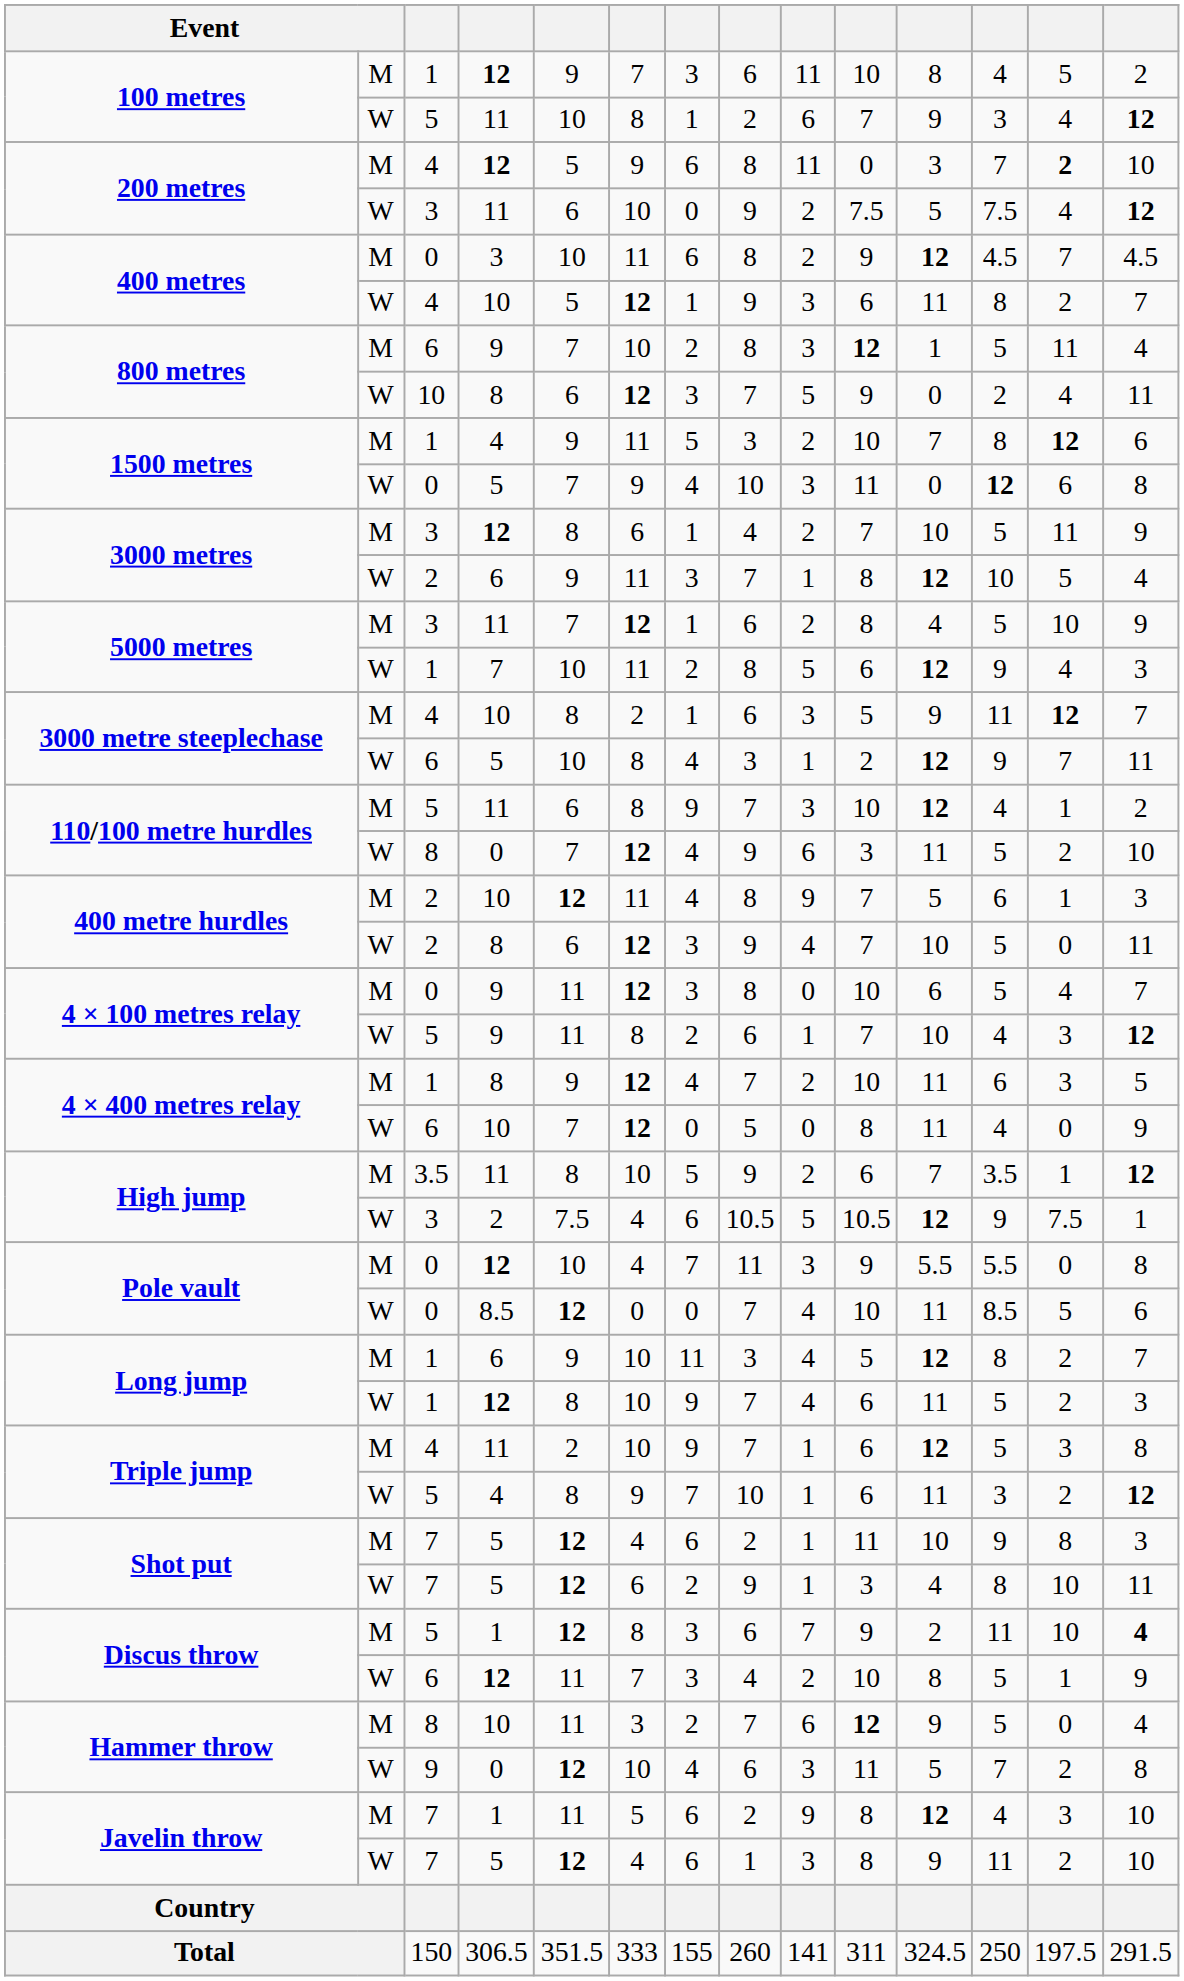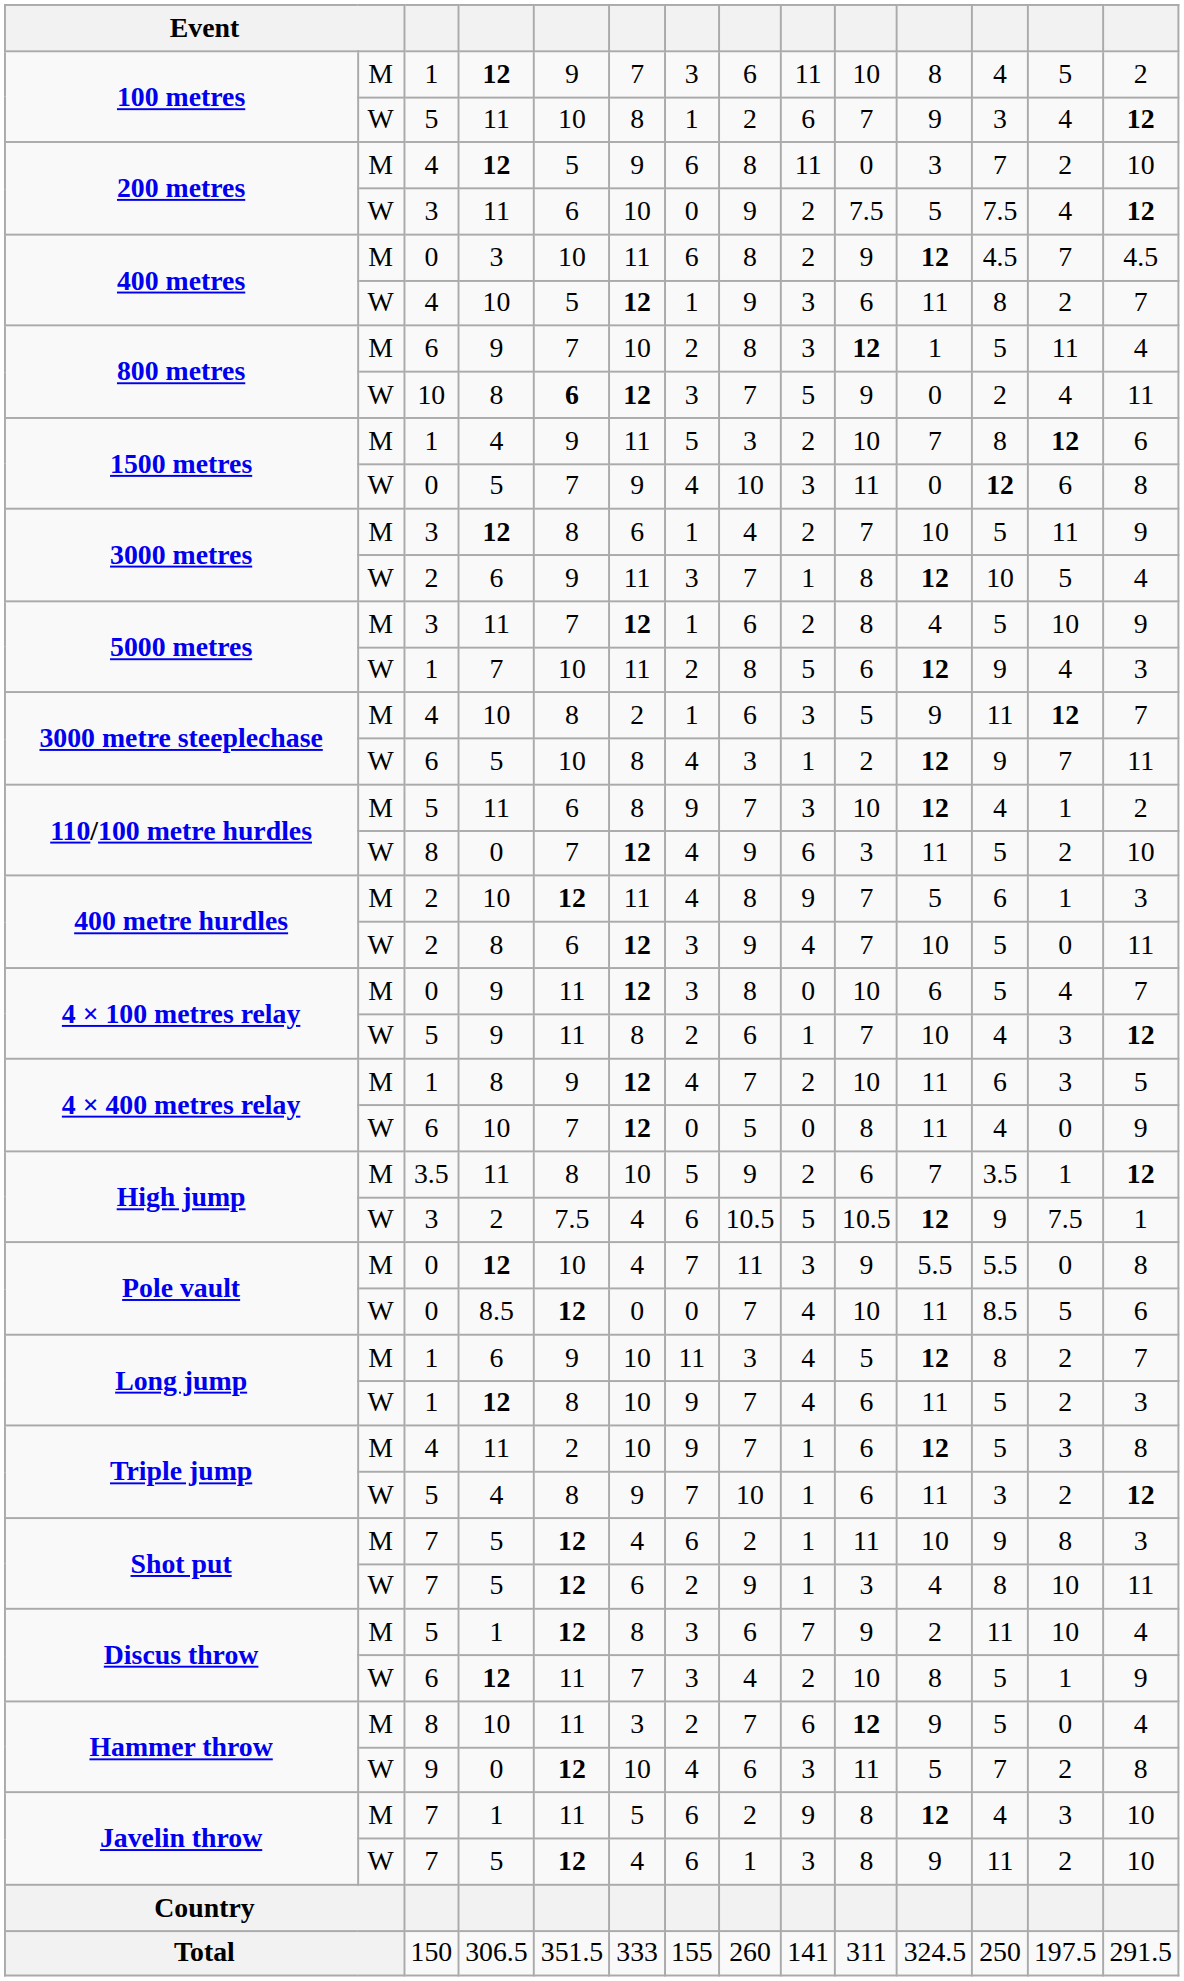 <table class="wikitable" style="background-color: #f9f9f9; font-size: 90%; text-align: center">
 <tr>
 <th width=200 colspan=2>Event</th>
 <th></th>
 <th></th>
 <th></th>
 <th></th>
 <th></th>
 <th></th>
 <th></th>
 <th></th>
 <th></th>
 <th></th>
 <th></th>
 <th></th>
 </tr>
 <tr>
 <td rowspan=2><strong><a href='#'>100 metres</a></strong></td>
 <td>M</td>
 <td>1</td>
 <td><strong>12</strong></td>
 <td>9</td>
 <td>7</td>
 <td>3</td>
 <td>6</td>
 <td>11</td>
 <td>10</td>
 <td>8</td>
 <td>4</td>
 <td>5</td>
 <td>2</td>
 </tr>
 <tr>
 <td>W</td>
 <td>5</td>
 <td>11</td>
 <td>10</td>
 <td>8</td>
 <td>1</td>
 <td>2</td>
 <td>6</td>
 <td>7</td>
 <td>9</td>
 <td>3</td>
 <td>4</td>
 <td><strong>12</strong></td>
 </tr>
 <tr>
 <td rowspan=2><strong><a href='#'>200 metres</a></strong></td>
 <td>M</td>
 <td>4</td>
 <td><strong>12</strong></td>
 <td>5</td>
 <td>9</td>
 <td>6</td>
 <td>8</td>
 <td>11</td>
 <td>0</td>
 <td>3</td>
 <td>7</td>
-<td><strong>2</strong></td>
+<td>2</td>
 <td>10</td>
 </tr>
 <tr>
 <td>W</td>
 <td>3</td>
 <td>11</td>
 <td>6</td>
 <td>10</td>
 <td>0</td>
 <td>9</td>
 <td>2</td>
 <td>7.5</td>
 <td>5</td>
 <td>7.5</td>
 <td>4</td>
 <td><strong>12</strong></td>
 </tr>
 <tr>
 <td rowspan=2><strong><a href='#'>400 metres</a></strong></td>
 <td>M</td>
 <td>0</td>
 <td>3</td>
 <td>10</td>
 <td>11</td>
 <td>6</td>
 <td>8</td>
 <td>2</td>
 <td>9</td>
 <td><strong>12</strong></td>
 <td>4.5</td>
 <td>7</td>
 <td>4.5</td>
 </tr>
 <tr>
 <td>W</td>
 <td>4</td>
 <td>10</td>
 <td>5</td>
 <td><strong>12</strong></td>
 <td>1</td>
 <td>9</td>
 <td>3</td>
 <td>6</td>
 <td>11</td>
 <td>8</td>
 <td>2</td>
 <td>7</td>
 </tr>
 <tr>
 <td rowspan=2><strong><a href='#'>800 metres</a></strong></td>
 <td>M</td>
 <td>6</td>
 <td>9</td>
 <td>7</td>
 <td>10</td>
 <td>2</td>
 <td>8</td>
 <td>3</td>
 <td><strong>12</strong></td>
 <td>1</td>
 <td>5</td>
 <td>11</td>
 <td>4</td>
 </tr>
 <tr>
 <td>W</td>
 <td>10</td>
 <td>8</td>
-<td>6</td>
+<td><strong>6</strong></td>
 <td><strong>12</strong></td>
 <td>3</td>
 <td>7</td>
 <td>5</td>
 <td>9</td>
 <td>0</td>
 <td>2</td>
 <td>4</td>
 <td>11</td>
 </tr>
 <tr>
 <td rowspan=2><strong><a href='#'>1500 metres</a></strong></td>
 <td>M</td>
 <td>1</td>
 <td>4</td>
 <td>9</td>
 <td>11</td>
 <td>5</td>
 <td>3</td>
 <td>2</td>
 <td>10</td>
 <td>7</td>
 <td>8</td>
 <td><strong>12</strong></td>
 <td>6</td>
 </tr>
 <tr>
 <td>W</td>
 <td>0</td>
 <td>5</td>
 <td>7</td>
 <td>9</td>
 <td>4</td>
 <td>10</td>
 <td>3</td>
 <td>11</td>
 <td>0</td>
 <td><strong>12</strong></td>
 <td>6</td>
 <td>8</td>
 </tr>
 <tr>
 <td rowspan=2><strong><a href='#'>3000 metres</a></strong></td>
 <td>M</td>
 <td>3</td>
 <td><strong>12</strong></td>
 <td>8</td>
 <td>6</td>
 <td>1</td>
 <td>4</td>
 <td>2</td>
 <td>7</td>
 <td>10</td>
 <td>5</td>
 <td>11</td>
 <td>9</td>
 </tr>
 <tr>
 <td>W</td>
 <td>2</td>
 <td>6</td>
 <td>9</td>
 <td>11</td>
 <td>3</td>
 <td>7</td>
 <td>1</td>
 <td>8</td>
 <td><strong>12</strong></td>
 <td>10</td>
 <td>5</td>
 <td>4</td>
 </tr>
 <tr>
 <td rowspan=2><strong><a href='#'>5000 metres</a></strong></td>
 <td>M</td>
 <td>3</td>
 <td>11</td>
 <td>7</td>
 <td><strong>12</strong></td>
 <td>1</td>
 <td>6</td>
 <td>2</td>
 <td>8</td>
 <td>4</td>
 <td>5</td>
 <td>10</td>
 <td>9</td>
 </tr>
 <tr>
 <td>W</td>
 <td>1</td>
 <td>7</td>
 <td>10</td>
 <td>11</td>
 <td>2</td>
 <td>8</td>
 <td>5</td>
 <td>6</td>
 <td><strong>12</strong></td>
 <td>9</td>
 <td>4</td>
 <td>3</td>
 </tr>
 <tr>
 <td rowspan=2><strong><a href='#'>3000 metre steeplechase</a></strong></td>
 <td>M</td>
 <td>4</td>
 <td>10</td>
 <td>8</td>
 <td>2</td>
 <td>1</td>
 <td>6</td>
 <td>3</td>
 <td>5</td>
 <td>9</td>
 <td>11</td>
 <td><strong>12</strong></td>
 <td>7</td>
 </tr>
 <tr>
 <td>W</td>
 <td>6</td>
 <td>5</td>
 <td>10</td>
 <td>8</td>
 <td>4</td>
 <td>3</td>
 <td>1</td>
 <td>2</td>
 <td><strong>12</strong></td>
 <td>9</td>
 <td>7</td>
 <td>11</td>
 </tr>
 <tr>
 <td rowspan=2><strong><a href='#'>110</a>/<a href='#'>100 metre hurdles</a></strong></td>
 <td>M</td>
 <td>5</td>
 <td>11</td>
 <td>6</td>
 <td>8</td>
 <td>9</td>
 <td>7</td>
 <td>3</td>
 <td>10</td>
 <td><strong>12</strong></td>
 <td>4</td>
 <td>1</td>
 <td>2</td>
 </tr>
 <tr>
 <td>W</td>
 <td>8</td>
 <td>0</td>
 <td>7</td>
 <td><strong>12</strong></td>
 <td>4</td>
 <td>9</td>
 <td>6</td>
 <td>3</td>
 <td>11</td>
 <td>5</td>
 <td>2</td>
 <td>10</td>
 </tr>
 <tr>
 <td rowspan=2><strong><a href='#'>400 metre hurdles</a></strong></td>
 <td>M</td>
 <td>2</td>
 <td>10</td>
 <td><strong>12</strong></td>
 <td>11</td>
 <td>4</td>
 <td>8</td>
 <td>9</td>
 <td>7</td>
 <td>5</td>
 <td>6</td>
 <td>1</td>
 <td>3</td>
 </tr>
 <tr>
 <td>W</td>
 <td>2</td>
 <td>8</td>
 <td>6</td>
 <td><strong>12</strong></td>
 <td>3</td>
 <td>9</td>
 <td>4</td>
 <td>7</td>
 <td>10</td>
 <td>5</td>
 <td>0</td>
 <td>11</td>
 </tr>
 <tr>
 <td rowspan=2><strong><a href='#'>4 × 100 metres relay</a></strong></td>
 <td>M</td>
 <td>0</td>
 <td>9</td>
 <td>11</td>
 <td><strong>12</strong></td>
 <td>3</td>
 <td>8</td>
 <td>0</td>
 <td>10</td>
 <td>6</td>
 <td>5</td>
 <td>4</td>
 <td>7</td>
 </tr>
 <tr>
 <td>W</td>
 <td>5</td>
 <td>9</td>
 <td>11</td>
 <td>8</td>
 <td>2</td>
 <td>6</td>
 <td>1</td>
 <td>7</td>
 <td>10</td>
 <td>4</td>
 <td>3</td>
 <td><strong>12</strong></td>
 </tr>
 <tr>
 <td rowspan=2><strong><a href='#'>4 × 400 metres relay</a></strong></td>
 <td>M</td>
 <td>1</td>
 <td>8</td>
 <td>9</td>
 <td><strong>12</strong></td>
 <td>4</td>
 <td>7</td>
 <td>2</td>
 <td>10</td>
 <td>11</td>
 <td>6</td>
 <td>3</td>
 <td>5</td>
 </tr>
 <tr>
 <td>W</td>
 <td>6</td>
 <td>10</td>
 <td>7</td>
 <td><strong>12</strong></td>
 <td>0</td>
 <td>5</td>
 <td>0</td>
 <td>8</td>
 <td>11</td>
 <td>4</td>
 <td>0</td>
 <td>9</td>
 </tr>
 <tr>
 <td rowspan=2><strong><a href='#'>High jump</a></strong></td>
 <td>M</td>
 <td>3.5</td>
 <td>11</td>
 <td>8</td>
 <td>10</td>
 <td>5</td>
 <td>9</td>
 <td>2</td>
 <td>6</td>
 <td>7</td>
 <td>3.5</td>
 <td>1</td>
 <td><strong>12</strong></td>
 </tr>
 <tr>
 <td>W</td>
 <td>3</td>
 <td>2</td>
 <td>7.5</td>
 <td>4</td>
 <td>6</td>
 <td>10.5</td>
 <td>5</td>
 <td>10.5</td>
 <td><strong>12</strong></td>
 <td>9</td>
 <td>7.5</td>
 <td>1</td>
 </tr>
 <tr>
 <td rowspan=2><strong><a href='#'>Pole vault</a></strong></td>
 <td>M</td>
 <td>0</td>
 <td><strong>12</strong></td>
 <td>10</td>
 <td>4</td>
 <td>7</td>
 <td>11</td>
 <td>3</td>
 <td>9</td>
 <td>5.5</td>
 <td>5.5</td>
 <td>0</td>
 <td>8</td>
 </tr>
 <tr>
 <td>W</td>
 <td>0</td>
 <td>8.5</td>
 <td><strong>12</strong></td>
 <td>0</td>
 <td>0</td>
 <td>7</td>
 <td>4</td>
 <td>10</td>
 <td>11</td>
 <td>8.5</td>
 <td>5</td>
 <td>6</td>
 </tr>
 <tr>
 <td rowspan=2><strong><a href='#'>Long jump</a></strong></td>
 <td>M</td>
 <td>1</td>
 <td>6</td>
 <td>9</td>
 <td>10</td>
 <td>11</td>
 <td>3</td>
 <td>4</td>
 <td>5</td>
 <td><strong>12</strong></td>
 <td>8</td>
 <td>2</td>
 <td>7</td>
 </tr>
 <tr>
 <td>W</td>
 <td>1</td>
 <td><strong>12</strong></td>
 <td>8</td>
 <td>10</td>
 <td>9</td>
 <td>7</td>
 <td>4</td>
 <td>6</td>
 <td>11</td>
 <td>5</td>
 <td>2</td>
 <td>3</td>
 </tr>
 <tr>
 <td rowspan=2><strong><a href='#'>Triple jump</a></strong></td>
 <td>M</td>
 <td>4</td>
 <td>11</td>
 <td>2</td>
 <td>10</td>
 <td>9</td>
 <td>7</td>
 <td>1</td>
 <td>6</td>
 <td><strong>12</strong></td>
 <td>5</td>
 <td>3</td>
 <td>8</td>
 </tr>
 <tr>
 <td>W</td>
 <td>5</td>
 <td>4</td>
 <td>8</td>
 <td>9</td>
 <td>7</td>
 <td>10</td>
 <td>1</td>
 <td>6</td>
 <td>11</td>
 <td>3</td>
 <td>2</td>
 <td><strong>12</strong></td>
 </tr>
 <tr>
 <td rowspan=2><strong><a href='#'>Shot put</a></strong></td>
 <td>M</td>
 <td>7</td>
 <td>5</td>
 <td><strong>12</strong></td>
 <td>4</td>
 <td>6</td>
 <td>2</td>
 <td>1</td>
 <td>11</td>
 <td>10</td>
 <td>9</td>
 <td>8</td>
 <td>3</td>
 </tr>
 <tr>
 <td>W</td>
 <td>7</td>
 <td>5</td>
 <td><strong>12</strong></td>
 <td>6</td>
 <td>2</td>
 <td>9</td>
 <td>1</td>
 <td>3</td>
 <td>4</td>
 <td>8</td>
 <td>10</td>
 <td>11</td>
 </tr>
 <tr>
 <td rowspan=2><strong><a href='#'>Discus throw</a></strong></td>
 <td>M</td>
 <td>5</td>
 <td>1</td>
 <td><strong>12</strong></td>
 <td>8</td>
 <td>3</td>
 <td>6</td>
 <td>7</td>
 <td>9</td>
 <td>2</td>
 <td>11</td>
 <td>10</td>
-<td><strong>4</strong></td>
+<td>4</td>
 </tr>
 <tr>
 <td>W</td>
 <td>6</td>
 <td><strong>12</strong></td>
 <td>11</td>
 <td>7</td>
 <td>3</td>
 <td>4</td>
 <td>2</td>
 <td>10</td>
 <td>8</td>
 <td>5</td>
 <td>1</td>
 <td>9</td>
 </tr>
 <tr>
 <td rowspan=2><strong><a href='#'>Hammer throw</a></strong></td>
 <td>M</td>
 <td>8</td>
 <td>10</td>
 <td>11</td>
 <td>3</td>
 <td>2</td>
 <td>7</td>
 <td>6</td>
 <td><strong>12</strong></td>
 <td>9</td>
 <td>5</td>
 <td>0</td>
 <td>4</td>
 </tr>
 <tr>
 <td>W</td>
 <td>9</td>
 <td>0</td>
 <td><strong>12</strong></td>
 <td>10</td>
 <td>4</td>
 <td>6</td>
 <td>3</td>
 <td>11</td>
 <td>5</td>
 <td>7</td>
 <td>2</td>
 <td>8</td>
 </tr>
 <tr>
 <td rowspan=2><strong><a href='#'>Javelin throw</a></strong></td>
 <td>M</td>
 <td>7</td>
 <td>1</td>
 <td>11</td>
 <td>5</td>
 <td>6</td>
 <td>2</td>
 <td>9</td>
 <td>8</td>
 <td><strong>12</strong></td>
 <td>4</td>
 <td>3</td>
 <td>10</td>
 </tr>
 <tr>
 <td>W</td>
 <td>7</td>
 <td>5</td>
 <td><strong>12</strong></td>
 <td>4</td>
 <td>6</td>
 <td>1</td>
 <td>3</td>
 <td>8</td>
 <td>9</td>
 <td>11</td>
 <td>2</td>
 <td>10</td>
 </tr>
 <tr>
 <th colspan=2>Country</th>
 <th></th>
 <th></th>
 <th></th>
 <th></th>
 <th></th>
 <th></th>
 <th></th>
 <th></th>
 <th></th>
 <th></th>
 <th></th>
 <th></th>
 </tr>
 <tr>
 <th colspan=2>Total</th>
 <td>150</td>
 <td>306.5</td>
 <td>351.5</td>
 <td>333</td>
 <td>155</td>
 <td>260</td>
 <td>141</td>
 <td>311</td>
 <td>324.5</td>
 <td>250</td>
 <td>197.5</td>
 <td>291.5</td>
 </tr>
 </table>
